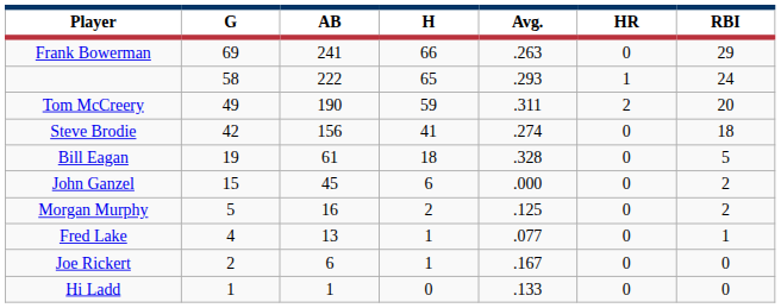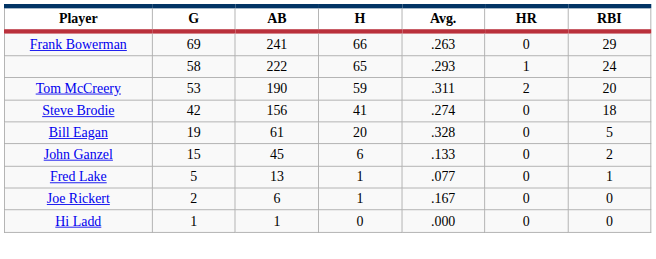 <table class="wikitable sortable">
 <tr>
 <th style="background:#FFFFFF; border-top:#023465 5px solid; border-bottom:#ba313c 5px solid;" width="16%">Player</th>
 <th style="background:#FFFFFF; border-top:#023465 5px solid; border-bottom:#ba313c 5px solid;" width="9%">G</th>
 <th style="background:#FFFFFF; border-top:#023465 5px solid; border-bottom:#ba313c 5px solid;" width="9%">AB</th>
 <th style="background:#FFFFFF; border-top:#023465 5px solid; border-bottom:#ba313c 5px solid;" width="9%">H</th>
 <th style="background:#FFFFFF; border-top:#023465 5px solid; border-bottom:#ba313c 5px solid;" width="9%">Avg.</th>
 <th style="background:#FFFFFF; border-top:#023465 5px solid; border-bottom:#ba313c 5px solid;" width="9%">HR</th>
 <th style="background:#FFFFFF; border-top:#023465 5px solid; border-bottom:#ba313c 5px solid;" width="9%">RBI</th>
 </tr>
 <tr align="center">
 <td><a href='#'>Frank Bowerman</a></td>
 <td>69</td>
 <td>241</td>
 <td>66</td>
 <td>.263</td>
 <td>0</td>
 <td>29</td>
 </tr>
 <tr align=center>
 <td></td>
 <td>58</td>
 <td>222</td>
 <td>65</td>
 <td>.293</td>
 <td>1</td>
 <td>24</td>
 </tr>
 <tr align="center">
 <td><a href='#'>Tom McCreery</a></td>
-<td>49</td>
+<td>53</td>
 <td>190</td>
 <td>59</td>
 <td>.311</td>
 <td>2</td>
 <td>20</td>
 </tr>
 <tr align=center>
 <td><a href='#'>Steve Brodie</a></td>
 <td>42</td>
 <td>156</td>
 <td>41</td>
 <td>.274</td>
 <td>0</td>
 <td>18</td>
 </tr>
 <tr align=center>
 <td><a href='#'>Bill Eagan</a></td>
 <td>19</td>
 <td>61</td>
-<td>18</td>
+<td>20</td>
 <td>.328</td>
 <td>0</td>
 <td>5</td>
 </tr>
 <tr align=center>
 <td><a href='#'>John Ganzel</a></td>
 <td>15</td>
 <td>45</td>
 <td>6</td>
-<td>.000</td>
-<td>0</td>
-<td>2</td>
-</tr>
-<tr align=center>
-<td><a href='#'>Morgan Murphy</a></td>
-<td>5</td>
-<td>16</td>
-<td>2</td>
-<td>.125</td>
+<td>.133</td>
 <td>0</td>
 <td>2</td>
 </tr>
 <tr align=center>
 <td><a href='#'>Fred Lake</a></td>
-<td>4</td>
+<td>5</td>
 <td>13</td>
 <td>1</td>
 <td>.077</td>
 <td>0</td>
 <td>1</td>
 </tr>
 <tr align=center>
 <td><a href='#'>Joe Rickert</a></td>
 <td>2</td>
 <td>6</td>
 <td>1</td>
 <td>.167</td>
 <td>0</td>
 <td>0</td>
 </tr>
 <tr align=center>
 <td><a href='#'>Hi Ladd</a></td>
 <td>1</td>
 <td>1</td>
 <td>0</td>
-<td>.133</td>
+<td>.000</td>
 <td>0</td>
 <td>0</td>
 </tr>
 </table>
